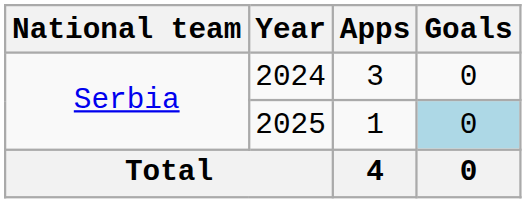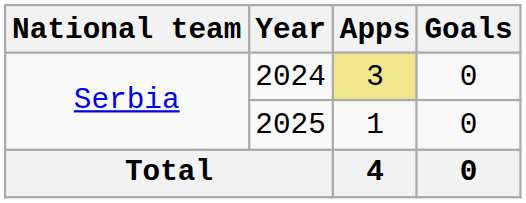 <table class="wikitable" style="text-align:center">
 <tr>
 <th>National team</th>
 <th>Year</th>
 <th>Apps</th>
 <th>Goals</th>
 </tr>
 <tr>
 <td rowspan="2"><a href='#'>Serbia</a></td>
 <td>2024</td>
-<td>3</td>
+<td style="background: khaki;">3</td>
 <td>0</td>
 </tr>
 <tr>
 <td>2025</td>
 <td>1</td>
-<td style="background: lightblue;">0</td>
+<td>0</td>
 </tr>
 <tr>
 <th colspan="2">Total</th>
 <th>4</th>
 <th>0</th>
 </tr>
 </table>
